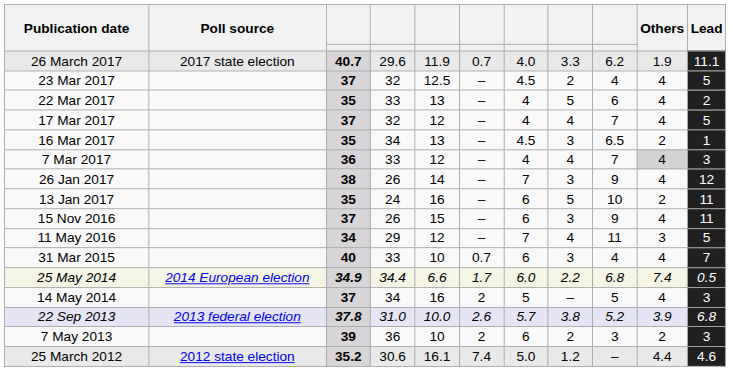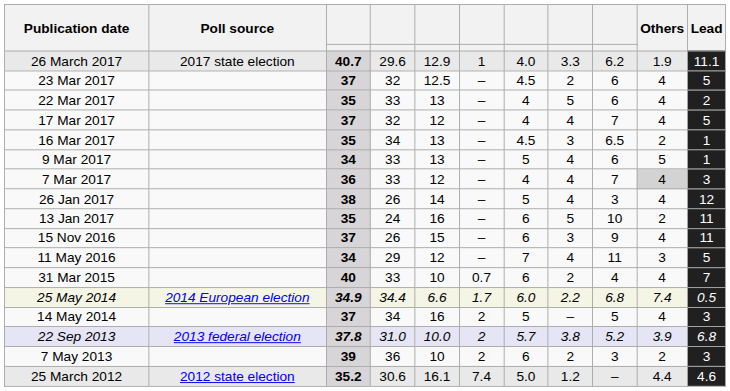 <table class="wikitable sortable" style="text-align:center; font-size:90%; line-height:14px;">
 <tr style="height:42px;">
 <th style="width:145px;" rowspan="2">Publication date</th>
 <th style="width:180px;" rowspan="2">Poll source</th>
 <th style="width:40px;"></th>
 <th style="width:40px;"></th>
 <th style="width:40px;"></th>
 <th style="width:40px;"></th>
 <th style="width:40px;"></th>
 <th style="width:40px;"></th>
 <th style="width:40px;"></th>
 <th style="width:40px;" rowspan="2">Others</th>
 <th style="width:20px;" rowspan="2">Lead</th>
 </tr>
 <tr>
 <th style="color:inherit;background:"></th>
 <th style="color:inherit;background:"></th>
 <th style="color:inherit;background:"></th>
 <th style="color:inherit;background:"></th>
 <th style="color:inherit;background:"></th>
 <th style="color:inherit;background:"></th>
 <th style="color:inherit;background:"></th>
 </tr>
 <tr style="background:#E9E9E9;">
 <td>26 March 2017</td>
 <td>2017 state election</td>
 <td style="background:#D7D5D7"><strong>40.7</strong></td>
 <td>29.6</td>
-<td>11.9</td>
-<td>0.7</td>
+<td>12.9</td>
+<td>1</td>
 <td>4.0</td>
 <td>3.3</td>
 <td>6.2</td>
 <td>1.9</td>
 <td style="background:#212021; color:white;">11.1</td>
 </tr>
 <tr>
 <td>23 Mar 2017</td>
 <td></td>
 <td style="background:#D7D5D7"><strong>37</strong></td>
 <td>32</td>
 <td>12.5</td>
 <td>–</td>
 <td>4.5</td>
 <td>2</td>
-<td>4</td>
+<td>6</td>
 <td>4</td>
 <td style="background:#212021; color:white;">5</td>
 </tr>
 <tr>
 <td>22 Mar 2017</td>
 <td></td>
 <td style="background:#D7D5D7"><strong>35</strong></td>
 <td>33</td>
 <td>13</td>
 <td>–</td>
 <td>4</td>
 <td>5</td>
 <td>6</td>
 <td>4</td>
 <td style="background:#212021; color:white;">2</td>
 </tr>
 <tr>
 <td>17 Mar 2017</td>
 <td></td>
 <td style="background:#D7D5D7"><strong>37</strong></td>
 <td>32</td>
 <td>12</td>
 <td>–</td>
 <td>4</td>
 <td>4</td>
 <td>7</td>
 <td>4</td>
 <td style="background:#212021; color:white;">5</td>
 </tr>
 <tr>
 <td>16 Mar 2017</td>
 <td></td>
 <td style="background:#D7D5D7"><strong>35</strong></td>
 <td>34</td>
 <td>13</td>
 <td>–</td>
 <td>4.5</td>
 <td>3</td>
 <td>6.5</td>
 <td>2</td>
 <td style="background:#212021; color:white;">1</td>
 </tr>
 <tr>
+<td>9 Mar 2017</td>
+<td></td>
+<td style="background:#D7D5D7"><strong>34</strong></td>
+<td>33</td>
+<td>13</td>
+<td>–</td>
+<td>5</td>
+<td>4</td>
+<td>6</td>
+<td>5</td>
+<td style="background:#212021; color:white;">1</td>
+</tr>
+<tr>
 <td>7 Mar 2017</td>
 <td></td>
 <td style="background:#D7D5D7"><strong>36</strong></td>
 <td>33</td>
 <td>12</td>
 <td>–</td>
 <td>4</td>
 <td>4</td>
 <td>7</td>
 <td style="background: lightgrey;">4</td>
 <td style="background:#212021; color:white;">3</td>
 </tr>
 <tr>
 <td>26 Jan 2017</td>
 <td></td>
 <td style="background:#D7D5D7"><strong>38</strong></td>
 <td>26</td>
 <td>14</td>
 <td>–</td>
-<td>7</td>
+<td>5</td>
+<td>4</td>
 <td>3</td>
-<td>9</td>
 <td>4</td>
 <td style="background:#212021; color:white;">12</td>
 </tr>
 <tr>
 <td>13 Jan 2017</td>
 <td></td>
 <td style="background:#D7D5D7"><strong>35</strong></td>
 <td>24</td>
 <td>16</td>
 <td>–</td>
 <td>6</td>
 <td>5</td>
 <td>10</td>
 <td>2</td>
 <td style="background:#212021; color:white;">11</td>
 </tr>
 <tr>
 <td>15 Nov 2016</td>
 <td></td>
 <td style="background:#D7D5D7"><strong>37</strong></td>
 <td>26</td>
 <td>15</td>
 <td>–</td>
 <td>6</td>
 <td>3</td>
 <td>9</td>
 <td>4</td>
 <td style="background:#212021; color:white;">11</td>
 </tr>
 <tr>
 <td>11 May 2016</td>
 <td></td>
 <td style="background:#D7D5D7"><strong>34</strong></td>
 <td>29</td>
 <td>12</td>
 <td>–</td>
 <td>7</td>
 <td>4</td>
 <td>11</td>
 <td>3</td>
 <td style="background:#212021; color:white;">5</td>
 </tr>
 <tr>
 <td>31 Mar 2015</td>
 <td></td>
 <td style="background:#D7D5D7"><strong>40</strong></td>
 <td>33</td>
 <td>10</td>
 <td>0.7</td>
 <td>6</td>
-<td>3</td>
+<td>2</td>
 <td>4</td>
 <td>4</td>
 <td style="background:#212021; color:white;">7</td>
 </tr>
 <tr style="background:#F5F5E5;font-style:italic;">
 <td data-sort-value="2014-05-25">25 May 2014</td>
 <td><a href='#'>2014 European election</a></td>
 <td style="background:#D7D5D7"><strong>34.9</strong></td>
 <td>34.4</td>
 <td>6.6</td>
 <td>1.7</td>
 <td>6.0</td>
 <td>2.2</td>
 <td>6.8</td>
 <td>7.4</td>
 <td style="background:#212021; color:white;">0.5</td>
 </tr>
 <tr>
 <td>14 May 2014</td>
 <td></td>
 <td style="background:#D7D5D7"><strong>37</strong></td>
 <td>34</td>
 <td>16</td>
 <td>2</td>
 <td>5</td>
 <td>–</td>
 <td>5</td>
 <td>4</td>
 <td style="background:#212021; color:white;">3</td>
 </tr>
 <tr style="background:#E5E5F5;font-style:italic;">
 <td data-sort-value="2013-09-22">22 Sep 2013</td>
 <td><a href='#'>2013 federal election</a></td>
 <td style="background:#D7D5D7;"><strong>37.8</strong></td>
 <td>31.0</td>
 <td>10.0</td>
-<td>2.6</td>
+<td>2</td>
 <td>5.7</td>
 <td>3.8</td>
 <td>5.2</td>
 <td>3.9</td>
 <td style="background:#212021; color:white;">6.8</td>
 </tr>
 <tr>
 <td>7 May 2013</td>
 <td></td>
 <td style="background:#D7D5D7"><strong>39</strong></td>
 <td>36</td>
 <td>10</td>
 <td>2</td>
 <td>6</td>
 <td>2</td>
 <td>3</td>
 <td>2</td>
 <td style="background:#212021; color:white;">3</td>
 </tr>
 <tr style="background:#E9E9E9;">
 <td>25 March 2012</td>
 <td><a href='#'>2012 state election</a></td>
 <td style="background:#D7D5D7"><strong>35.2</strong></td>
 <td>30.6</td>
 <td>16.1</td>
 <td>7.4</td>
 <td>5.0</td>
 <td>1.2</td>
 <td>–</td>
 <td>4.4</td>
 <td style="background:#212021; color:white;">4.6</td>
 </tr>
 </table>
